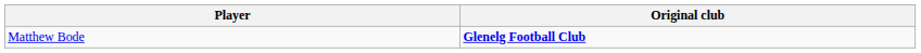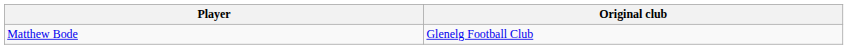 <table class="wikitable" style="font-size:90%; width:80%;">
 <tr>
 <th style="width:15%;">Player</th>
 <th style="width:15%;">Original club</th>
 </tr>
 <tr>
 <td><a href='#'>Matthew Bode</a></td>
-<td><strong><a href='#'>Glenelg Football Club</a></strong></td>
+<td><a href='#'>Glenelg Football Club</a></td>
 </tr>
 </table>
